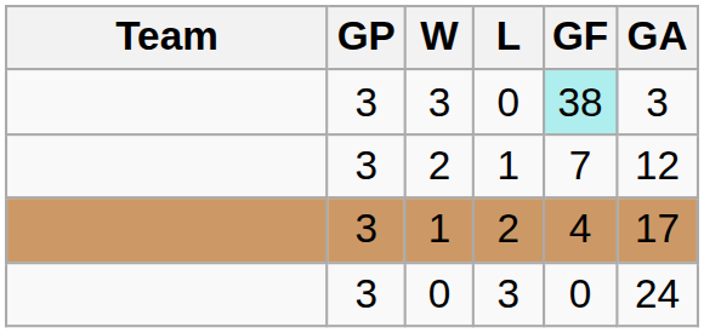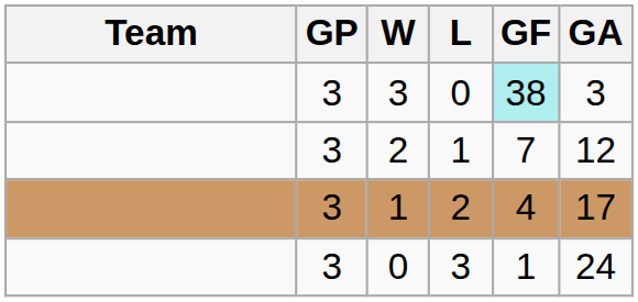 <table class="wikitable" style="text-align:center">
 <tr>
 <th width="120">Team</th>
 <th width="20">GP</th>
 <th width="20">W</th>
 <th width="20">L</th>
 <th width="20">GF</th>
 <th width="20">GA</th>
 </tr>
 <tr>
 <td align=left></td>
 <td>3</td>
 <td>3</td>
 <td>0</td>
 <td style="background: paleturquoise;">38</td>
 <td>3</td>
 </tr>
 <tr>
 <td align=left></td>
 <td>3</td>
 <td>2</td>
 <td>1</td>
 <td>7</td>
 <td>12</td>
 </tr>
 <tr bgcolor="#cc9966">
 <td align=left> </td>
 <td>3</td>
 <td>1</td>
 <td>2</td>
 <td>4</td>
 <td>17</td>
 </tr>
 <tr>
 <td align=left></td>
 <td>3</td>
 <td>0</td>
 <td>3</td>
-<td>0</td>
+<td>1</td>
 <td>24</td>
 </tr>
 </table>
